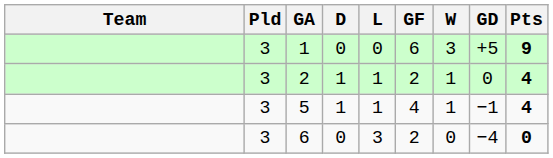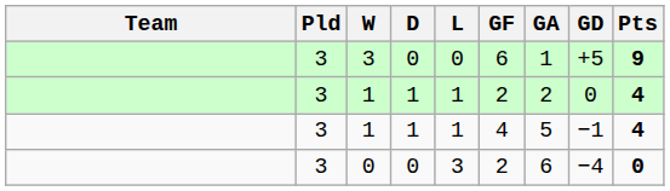 <table class="wikitable" style="text-align: center;">
 <tr>
 <th width=165>Team</th>
 <th width=20>Pld</th>
-<th width=20>GA</th>
+<th width=20>W</th>
 <th width=20>D</th>
 <th width=20>L</th>
 <th width=20>GF</th>
-<th width=20>W</th>
+<th width=20>GA</th>
 <th width=20>GD</th>
 <th width=20>Pts</th>
 </tr>
 <tr style="background:#cfc;">
 <td style="text-align:left;"></td>
 <td>3</td>
-<td>1</td>
+<td>3</td>
 <td>0</td>
 <td>0</td>
 <td>6</td>
-<td>3</td>
+<td>1</td>
 <td>+5</td>
 <td><strong>9</strong></td>
 </tr>
 <tr style="background:#cfc;">
 <td style="text-align:left;"></td>
 <td>3</td>
-<td>2</td>
+<td>1</td>
 <td>1</td>
 <td>1</td>
 <td>2</td>
-<td>1</td>
+<td>2</td>
 <td>0</td>
 <td><strong>4</strong></td>
 </tr>
 <tr>
 <td style="text-align:left;"></td>
 <td>3</td>
-<td>5</td>
+<td>1</td>
 <td>1</td>
 <td>1</td>
 <td>4</td>
-<td>1</td>
+<td>5</td>
 <td>−1</td>
 <td><strong>4</strong></td>
 </tr>
 <tr>
 <td style="text-align:left;"></td>
 <td>3</td>
-<td>6</td>
+<td>0</td>
 <td>0</td>
 <td>3</td>
 <td>2</td>
-<td>0</td>
+<td>6</td>
 <td>−4</td>
 <td><strong>0</strong></td>
 </tr>
 </table>
